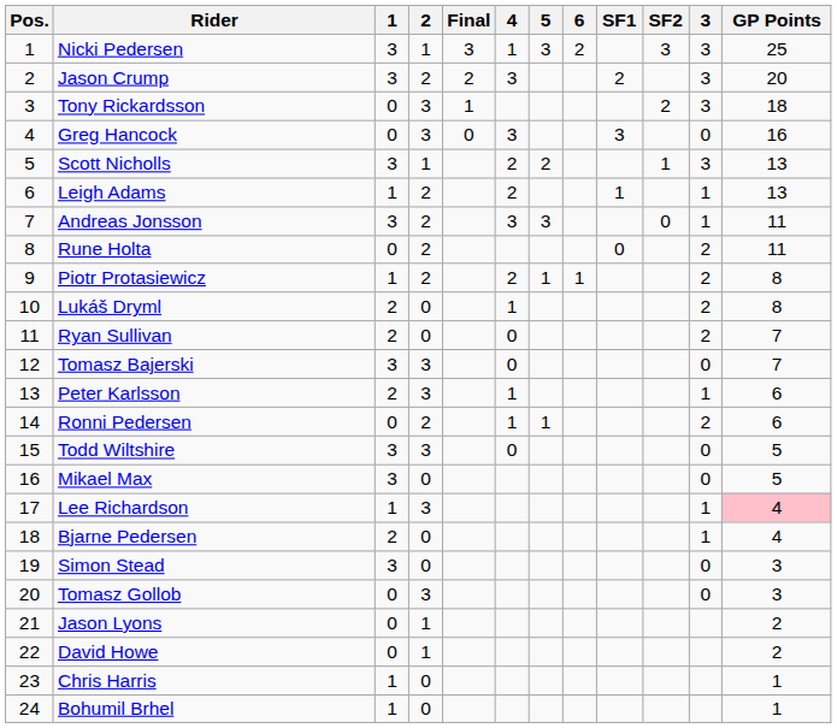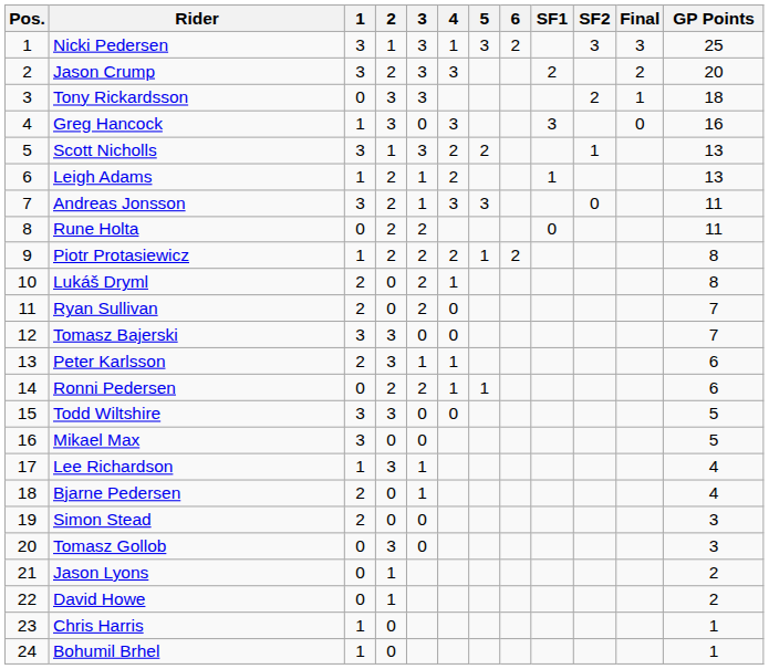 <table class=wikitable style="font-size:93%;">
 <tr>
 <th width=25px>Pos.</th>
 <th width=250px>Rider</th>
 <th width=20px>1</th>
 <th width=20px>2</th>
-<th width=30px>Final</th>
+<th width=20px>3</th>
 <th width=20px>4</th>
 <th width=20px>5</th>
 <th width=20px>6</th>
 <th width=30px>SF1</th>
 <th width=30px>SF2</th>
-<th width=20px>3</th>
+<th width=30px>Final</th>
 <th width=80px>GP Points</th>
 </tr>
 <tr align=center style="background-color:">
 <td>1</td>
 <td align=left> <a href='#'>Nicki Pedersen</a></td>
 <td>3</td>
 <td>1</td>
 <td>3</td>
 <td>1</td>
 <td>3</td>
 <td>2</td>
 <td></td>
 <td>3</td>
 <td>3</td>
 <td>25</td>
 </tr>
 <tr align=center style="background-color:">
 <td>2</td>
 <td align=left> <a href='#'>Jason Crump</a></td>
 <td>3</td>
 <td>2</td>
-<td>2</td>
+<td>3</td>
 <td>3</td>
 <td></td>
 <td></td>
 <td> 2</td>
 <td></td>
-<td>3</td>
+<td>2</td>
 <td>20</td>
 </tr>
 <tr align=center style="background-color:">
 <td>3</td>
 <td align=left> <a href='#'>Tony Rickardsson</a></td>
 <td>0</td>
 <td>3</td>
-<td>1</td>
+<td>3</td>
 <td></td>
 <td></td>
 <td></td>
 <td></td>
 <td>2</td>
-<td>3</td>
+<td>1</td>
 <td>18</td>
 </tr>
 <tr align=center>
 <td>4</td>
 <td align=left> <a href='#'>Greg Hancock</a></td>
-<td>0</td>
+<td>1</td>
 <td>3</td>
 <td>0</td>
 <td>3</td>
 <td></td>
 <td></td>
 <td>3</td>
 <td></td>
 <td>0</td>
 <td>16</td>
 </tr>
 <tr align=center>
 <td>5</td>
 <td align=left> <a href='#'>Scott Nicholls</a></td>
 <td>3</td>
 <td>1</td>
-<td></td>
+<td>3</td>
 <td>2</td>
 <td>2</td>
 <td></td>
 <td></td>
 <td>1</td>
-<td>3</td>
+<td></td>
 <td>13</td>
 </tr>
 <tr align=center>
 <td>6</td>
 <td align=left> <a href='#'>Leigh Adams</a></td>
 <td>1</td>
 <td>2</td>
-<td></td>
+<td>1</td>
 <td>2</td>
 <td></td>
 <td></td>
 <td>1</td>
 <td></td>
-<td>1</td>
+<td></td>
 <td>13</td>
 </tr>
 <tr align=center>
 <td>7</td>
 <td align=left> <a href='#'>Andreas Jonsson</a></td>
 <td>3</td>
 <td>2</td>
-<td></td>
+<td>1</td>
 <td>3</td>
 <td>3</td>
 <td></td>
 <td></td>
 <td>0</td>
-<td>1</td>
+<td></td>
 <td>11</td>
 </tr>
 <tr align=center>
 <td>8</td>
 <td align=left> <a href='#'>Rune Holta</a></td>
 <td>0</td>
 <td>2</td>
-<td></td>
+<td>2</td>
 <td></td>
 <td></td>
 <td></td>
 <td>0</td>
 <td></td>
-<td>2</td>
+<td></td>
 <td>11</td>
 </tr>
 <tr align=center>
 <td>9</td>
 <td align=left> <a href='#'>Piotr Protasiewicz</a></td>
 <td>1</td>
 <td>2</td>
-<td></td>
+<td>2</td>
 <td>2</td>
 <td>1</td>
-<td>1</td>
+<td>2</td>
 <td></td>
 <td></td>
-<td>2</td>
+<td></td>
 <td>8</td>
 </tr>
 <tr align=center>
 <td>10</td>
 <td align=left> <a href='#'>Lukáš Dryml</a></td>
 <td>2</td>
 <td>0</td>
-<td></td>
+<td>2</td>
 <td>1</td>
 <td></td>
 <td></td>
 <td></td>
 <td></td>
-<td>2</td>
+<td></td>
 <td>8</td>
 </tr>
 <tr align=center>
 <td>11</td>
 <td align=left> <a href='#'>Ryan Sullivan</a></td>
 <td>2</td>
 <td>0</td>
-<td></td>
+<td>2</td>
 <td>0</td>
 <td></td>
 <td></td>
 <td></td>
 <td></td>
-<td>2</td>
+<td></td>
 <td>7</td>
 </tr>
 <tr align=center>
 <td>12</td>
 <td align=left> <a href='#'>Tomasz Bajerski</a></td>
 <td>3</td>
 <td>3</td>
-<td></td>
+<td>0</td>
 <td>0</td>
 <td></td>
 <td></td>
 <td></td>
 <td></td>
-<td>0</td>
+<td></td>
 <td>7</td>
 </tr>
 <tr align=center>
 <td>13</td>
 <td align=left> <a href='#'>Peter Karlsson</a></td>
 <td>2</td>
 <td>3</td>
-<td></td>
+<td>1</td>
 <td>1</td>
 <td></td>
 <td></td>
 <td></td>
 <td></td>
-<td>1</td>
+<td></td>
 <td>6</td>
 </tr>
 <tr align=center>
 <td>14</td>
 <td align=left> <a href='#'>Ronni Pedersen</a></td>
 <td>0</td>
 <td>2</td>
-<td></td>
+<td>2</td>
 <td>1</td>
 <td>1</td>
 <td></td>
 <td></td>
 <td></td>
-<td>2</td>
+<td></td>
 <td>6</td>
 </tr>
 <tr align=center>
 <td>15</td>
 <td align=left> <a href='#'>Todd Wiltshire</a></td>
 <td>3</td>
 <td>3</td>
-<td></td>
+<td>0</td>
 <td>0</td>
 <td></td>
 <td></td>
 <td></td>
 <td></td>
-<td>0</td>
+<td></td>
 <td>5</td>
 </tr>
 <tr align=center>
 <td>16</td>
 <td align=left> <a href='#'>Mikael Max</a></td>
+<td>3</td>
+<td>0</td>
+<td>0</td>
+<td></td>
+<td></td>
+<td></td>
+<td></td>
+<td></td>
+<td></td>
+<td>5</td>
+</tr>
+<tr align=center>
+<td>17</td>
+<td align=left> <a href='#'>Lee Richardson</a></td>
+<td>1</td>
+<td>3</td>
+<td>1</td>
+<td></td>
+<td></td>
+<td></td>
+<td></td>
+<td></td>
+<td></td>
+<td>4</td>
+</tr>
+<tr align=center>
+<td>18</td>
+<td align=left> <a href='#'>Bjarne Pedersen</a></td>
+<td>2</td>
+<td>0</td>
+<td>1</td>
+<td></td>
+<td></td>
+<td></td>
+<td></td>
+<td></td>
+<td></td>
+<td>4</td>
+</tr>
+<tr align=center>
+<td>19</td>
+<td align=left> <a href='#'>Simon Stead</a></td>
+<td>2</td>
+<td>0</td>
+<td>0</td>
+<td></td>
+<td></td>
+<td></td>
+<td></td>
+<td></td>
+<td></td>
+<td>3</td>
+</tr>
+<tr align=center>
+<td>20</td>
+<td align=left> <a href='#'>Tomasz Gollob</a></td>
+<td>0</td>
 <td>3</td>
 <td>0</td>
 <td></td>
 <td></td>
 <td></td>
 <td></td>
 <td></td>
 <td></td>
-<td>0</td>
-<td>5</td>
-</tr>
-<tr align=center>
-<td>17</td>
-<td align=left> <a href='#'>Lee Richardson</a></td>
-<td>1</td>
-<td>3</td>
-<td></td>
-<td></td>
-<td></td>
-<td></td>
-<td></td>
-<td></td>
-<td>1</td>
-<td style="background: pink;">4</td>
-</tr>
-<tr align=center>
-<td>18</td>
-<td align=left> <a href='#'>Bjarne Pedersen</a></td>
-<td>2</td>
-<td>0</td>
-<td></td>
-<td></td>
-<td></td>
-<td></td>
-<td></td>
-<td></td>
-<td>1</td>
-<td>4</td>
-</tr>
-<tr align=center>
-<td>19</td>
-<td align=left> <a href='#'>Simon Stead</a></td>
-<td>3</td>
-<td>0</td>
-<td></td>
-<td></td>
-<td></td>
-<td></td>
-<td></td>
-<td></td>
-<td>0</td>
-<td>3</td>
-</tr>
-<tr align=center>
-<td>20</td>
-<td align=left> <a href='#'>Tomasz Gollob</a></td>
-<td>0</td>
-<td>3</td>
-<td></td>
-<td></td>
-<td></td>
-<td></td>
-<td></td>
-<td></td>
-<td>0</td>
 <td>3</td>
 </tr>
 <tr align=center>
 <td>21</td>
 <td align=left> <a href='#'>Jason Lyons</a></td>
 <td>0</td>
 <td>1</td>
 <td></td>
 <td></td>
 <td></td>
 <td></td>
 <td></td>
 <td></td>
 <td></td>
 <td>2</td>
 </tr>
 <tr align=center>
 <td>22</td>
 <td align=left> <a href='#'>David Howe</a></td>
 <td>0</td>
 <td>1</td>
 <td></td>
 <td></td>
 <td></td>
 <td></td>
 <td></td>
 <td></td>
 <td></td>
 <td>2</td>
 </tr>
 <tr align=center>
 <td>23</td>
 <td align=left> <a href='#'>Chris Harris</a></td>
 <td>1</td>
 <td>0</td>
 <td></td>
 <td></td>
 <td></td>
 <td></td>
 <td></td>
 <td></td>
 <td></td>
 <td>1</td>
 </tr>
 <tr align=center>
 <td>24</td>
 <td align=left> <a href='#'>Bohumil Brhel</a></td>
 <td>1</td>
 <td>0</td>
 <td></td>
 <td></td>
 <td></td>
 <td></td>
 <td></td>
 <td></td>
 <td></td>
 <td>1</td>
 </tr>
 </table>
